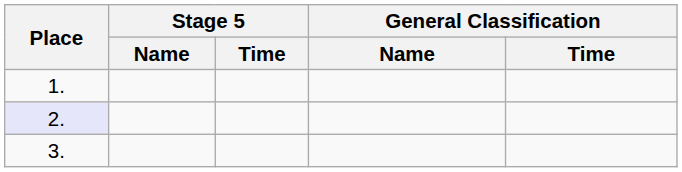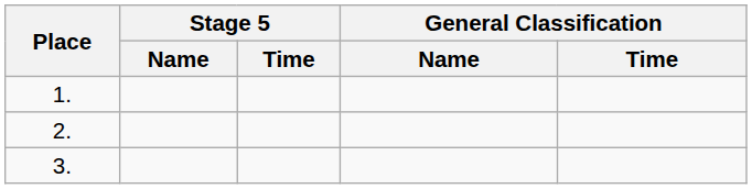 <table class=wikitable style="font-size:95%" width="80%">
 <tr>
 <th rowspan="2">Place</th>
 <th colspan="2">Stage 5</th>
 <th colspan="2">General Classification</th>
 </tr>
 <tr>
 <th>Name</th>
 <th>Time</th>
 <th>Name</th>
 <th>Time</th>
 </tr>
 <tr>
 <td align="center">1.</td>
 <td></td>
 <td></td>
 <td></td>
 <td></td>
 </tr>
 <tr>
-<td align="center" style="background: lavender;">2.</td>
+<td align="center">2.</td>
 <td></td>
 <td></td>
 <td></td>
 <td></td>
 </tr>
 <tr>
 <td align="center">3.</td>
 <td></td>
 <td></td>
 <td></td>
 <td></td>
 </tr>
 </table>
